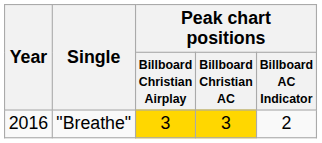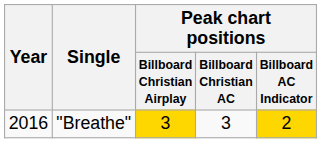 <table class="wikitable" style="text-align:center;">
 <tr>
 <th rowspan=2>Year</th>
 <th rowspan=2>Single</th>
 <th colspan=6>Peak chart positions</th>
 </tr>
 <tr style="font-size:smaller;">
 <th width=40><small>Billboard Christian Airplay</small></th>
 <th width=40><small>Billboard Christian AC</small></th>
 <th width=40><small>Billboard AC Indicator</small></th>
 </tr>
 <tr>
 <td>2016</td>
 <td align="left">"Breathe"</td>
 <td style="background: gold;">3</td>
-<td style="background: gold;">3</td>
-<td>2</td>
+<td>3</td>
+<td style="background: gold;">2</td>
 </tr>
 </table>
